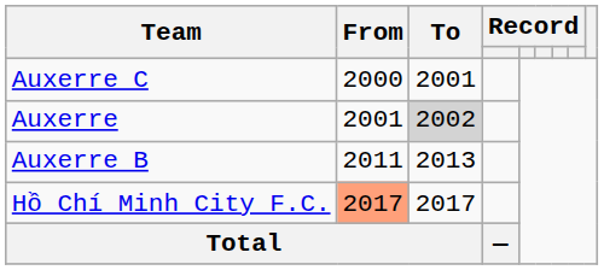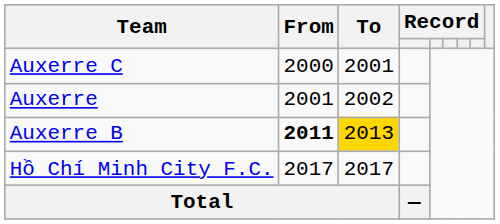 <table class="wikitable sortable" style="text-align: center">
 <tr>
 <th rowspan=2>Team</th>
 <th rowspan=2>From</th>
 <th rowspan=2>To</th>
 <th colspan=5>Record</th>
 <th rowspan=2></th>
 </tr>
 <tr>
 <th></th>
 <th></th>
 <th></th>
 <th></th>
 <th></th>
 </tr>
 <tr>
 <td align=left><a href='#'>Auxerre C</a></td>
 <td align=left>2000</td>
 <td align=left>2001<br></td>
 <td></td>
 </tr>
 <tr>
 <td align=left><a href='#'>Auxerre</a></td>
 <td align=left>2001</td>
-<td align=left style="background: lightgrey;">2002<br></td>
+<td align=left>2002<br></td>
 <td></td>
 </tr>
 <tr>
 <td align=left><a href='#'>Auxerre B</a></td>
-<td align=left>2011</td>
-<td align=left>2013<br></td>
+<td align=left><strong>2011</strong></td>
+<td align=left style="background: gold;">2013<br></td>
 <td></td>
 </tr>
 <tr>
 <td align=left><a href='#'>Hồ Chí Minh City F.C.</a></td>
-<td align=left style="background: lightsalmon;">2017</td>
+<td align=left>2017</td>
 <td align=left>2017<br></td>
 <td></td>
 </tr>
 <tr>
 <th colspan=3>Total<br></th>
 <th>—</th>
 </tr>
 </table>
